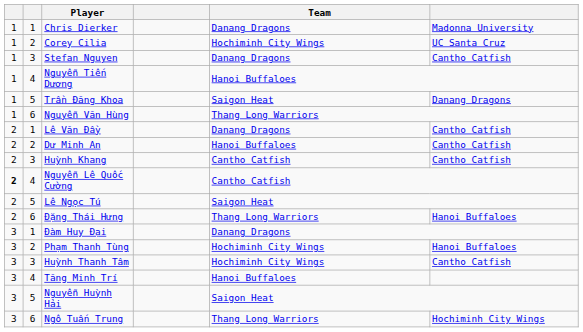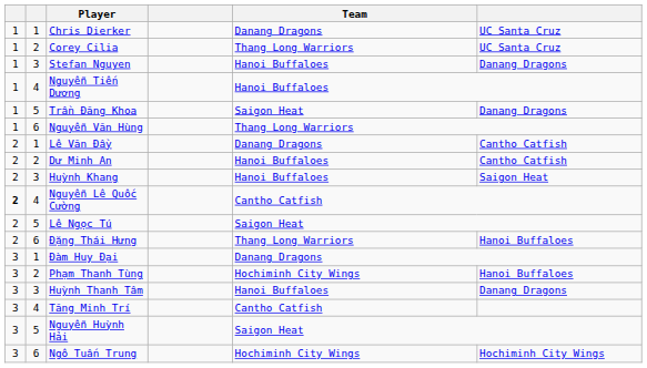 <table class="wikitable sortable" style="text-align:left">
 <tr>
 <th style="width:20px;"></th>
 <th style="width:20px;"></th>
 <th style="width:120px;">Player</th>
 <th style="width:100px;"></th>
 <th style="width:300px;">Team</th>
 <th style="width:200px;"></th>
 </tr>
 <tr>
 <td style="text-align:center;">1</td>
 <td style="text-align:center;">1</td>
 <td><a href='#'>Chris Dierker</a></td>
 <td></td>
 <td><a href='#'>Danang Dragons</a></td>
-<td><a href='#'>Madonna University</a></td>
+<td><a href='#'>UC Santa Cruz</a></td>
 </tr>
 <tr>
 <td style="text-align:center;">1</td>
 <td style="text-align:center;">2</td>
 <td><a href='#'>Corey Cilia</a></td>
 <td></td>
-<td><a href='#'>Hochiminh City Wings</a></td>
+<td><a href='#'>Thang Long Warriors</a></td>
 <td><a href='#'>UC Santa Cruz</a></td>
 </tr>
 <tr>
 <td style="text-align:center;">1</td>
 <td style="text-align:center;">3</td>
 <td><a href='#'>Stefan Nguyen</a></td>
 <td></td>
+<td><a href='#'>Hanoi Buffaloes</a></td>
 <td><a href='#'>Danang Dragons</a></td>
-<td><a href='#'>Cantho Catfish</a></td>
 </tr>
 <tr>
 <td style="text-align:center;">1</td>
 <td style="text-align:center;">4</td>
 <td><a href='#'>Nguyễn Tiến Dương</a></td>
 <td></td>
 <td colspan=2><a href='#'>Hanoi Buffaloes</a></td>
 </tr>
 <tr>
 <td style="text-align:center;">1</td>
 <td style="text-align:center;">5</td>
 <td><a href='#'>Trần Đăng Khoa</a></td>
 <td></td>
 <td><a href='#'>Saigon Heat</a></td>
 <td><a href='#'>Danang Dragons</a></td>
 </tr>
 <tr>
 <td style="text-align:center;">1</td>
 <td style="text-align:center;">6</td>
 <td><a href='#'>Nguyễn Văn   Hùng</a></td>
 <td></td>
 <td colspan=2><a href='#'>Thang Long Warriors</a></td>
 </tr>
 <tr>
 <td style="text-align:center;">2</td>
 <td style="text-align:center;">1</td>
 <td><a href='#'>Lê Văn Đầy</a></td>
 <td></td>
 <td><a href='#'>Danang Dragons</a></td>
 <td><a href='#'>Cantho Catfish</a></td>
 </tr>
 <tr>
 <td style="text-align:center;">2</td>
 <td style="text-align:center;">2</td>
 <td><a href='#'>Dư Minh An</a></td>
 <td></td>
 <td><a href='#'>Hanoi Buffaloes</a></td>
 <td><a href='#'>Cantho Catfish</a></td>
 </tr>
 <tr>
 <td style="text-align:center;">2</td>
 <td style="text-align:center;">3</td>
 <td><a href='#'>Huỳnh Khang</a></td>
 <td></td>
-<td><a href='#'>Cantho Catfish</a></td>
-<td><a href='#'>Cantho Catfish</a></td>
+<td><a href='#'>Hanoi Buffaloes</a></td>
+<td><a href='#'>Saigon Heat</a></td>
 </tr>
 <tr>
 <td style="text-align:center;"><strong>2</strong></td>
 <td style="text-align:center;">4</td>
 <td><a href='#'>Nguyễn Lê Quốc Cường</a></td>
 <td></td>
 <td colspan=2><a href='#'>Cantho Catfish</a></td>
 </tr>
 <tr>
 <td style="text-align:center;">2</td>
 <td style="text-align:center;">5</td>
 <td><a href='#'>Lê Ngọc Tú</a></td>
 <td></td>
 <td colspan=2><a href='#'>Saigon Heat</a></td>
 </tr>
 <tr>
 <td style="text-align:center;">2</td>
 <td style="text-align:center;">6</td>
 <td><a href='#'>Đặng Thái Hưng</a></td>
 <td></td>
 <td><a href='#'>Thang Long Warriors</a></td>
 <td><a href='#'>Hanoi Buffaloes</a></td>
 </tr>
 <tr>
 <td style="text-align:center;">3</td>
 <td style="text-align:center;">1</td>
 <td><a href='#'>Đàm Huy Đại</a></td>
 <td></td>
 <td colspan=2><a href='#'>Danang Dragons</a></td>
 </tr>
 <tr>
 <td style="text-align:center;">3</td>
 <td style="text-align:center;">2</td>
 <td><a href='#'>Phạm Thanh Tùng</a></td>
 <td></td>
 <td><a href='#'>Hochiminh City Wings</a></td>
 <td><a href='#'>Hanoi Buffaloes</a></td>
 </tr>
 <tr>
 <td style="text-align:center;">3</td>
 <td style="text-align:center;">3</td>
 <td><a href='#'>Huỳnh Thanh Tâm</a></td>
 <td></td>
-<td><a href='#'>Hochiminh City Wings</a></td>
-<td><a href='#'>Cantho Catfish</a></td>
+<td><a href='#'>Hanoi Buffaloes</a></td>
+<td><a href='#'>Danang Dragons</a></td>
 </tr>
 <tr>
 <td style="text-align:center;">3</td>
 <td style="text-align:center;">4</td>
 <td><a href='#'>Tăng Minh Trí</a></td>
 <td></td>
-<td><a href='#'>Hanoi Buffaloes</a></td>
+<td><a href='#'>Cantho Catfish</a></td>
 <td></td>
 </tr>
 <tr>
 <td style="text-align:center;">3</td>
 <td style="text-align:center;">5</td>
 <td><a href='#'>Nguyễn Huỳnh Hải</a></td>
 <td></td>
 <td colspan=2><a href='#'>Saigon Heat</a></td>
 </tr>
 <tr>
 <td style="text-align:center;">3</td>
 <td style="text-align:center;">6</td>
 <td><a href='#'>Ngô Tuấn Trung</a></td>
 <td></td>
-<td><a href='#'>Thang Long Warriors</a></td>
+<td><a href='#'>Hochiminh City Wings</a></td>
 <td><a href='#'>Hochiminh City Wings</a></td>
 </tr>
 </table>
